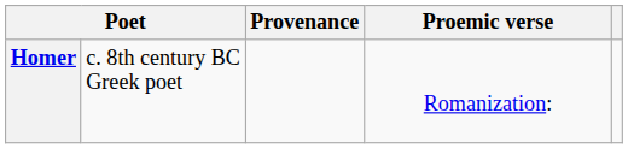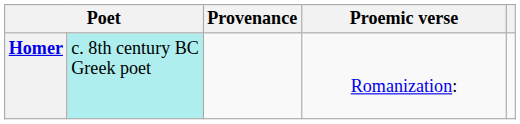 <table class="wikitable" ">
 <tr>
 <th scope="col" colspan="2">Poet</th>
 <th scope="col">Provenance</th>
 <th scope="col">Proemic verse</th>
 <th scope="col"></th>
 </tr>
 <tr valign="top">
 <th><a href='#'>Homer</a></th>
-<td>c. 8th century BC<br>Greek poet</td>
+<td style="background: paleturquoise;">c. 8th century BC<br>Greek poet</td>
 <td></td>
 <td><blockquote><br> <a href='#'>Romanization</a>: </blockquote></td>
 <td></td>
 </tr>
 </table>
